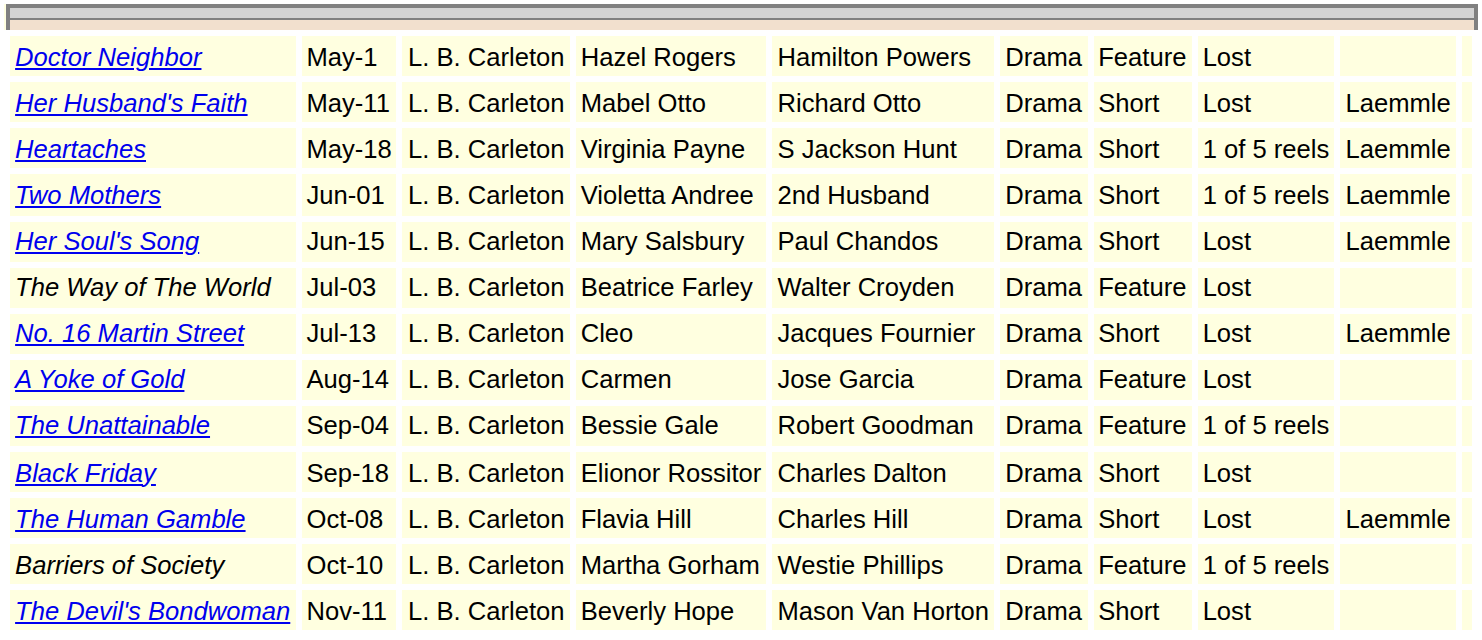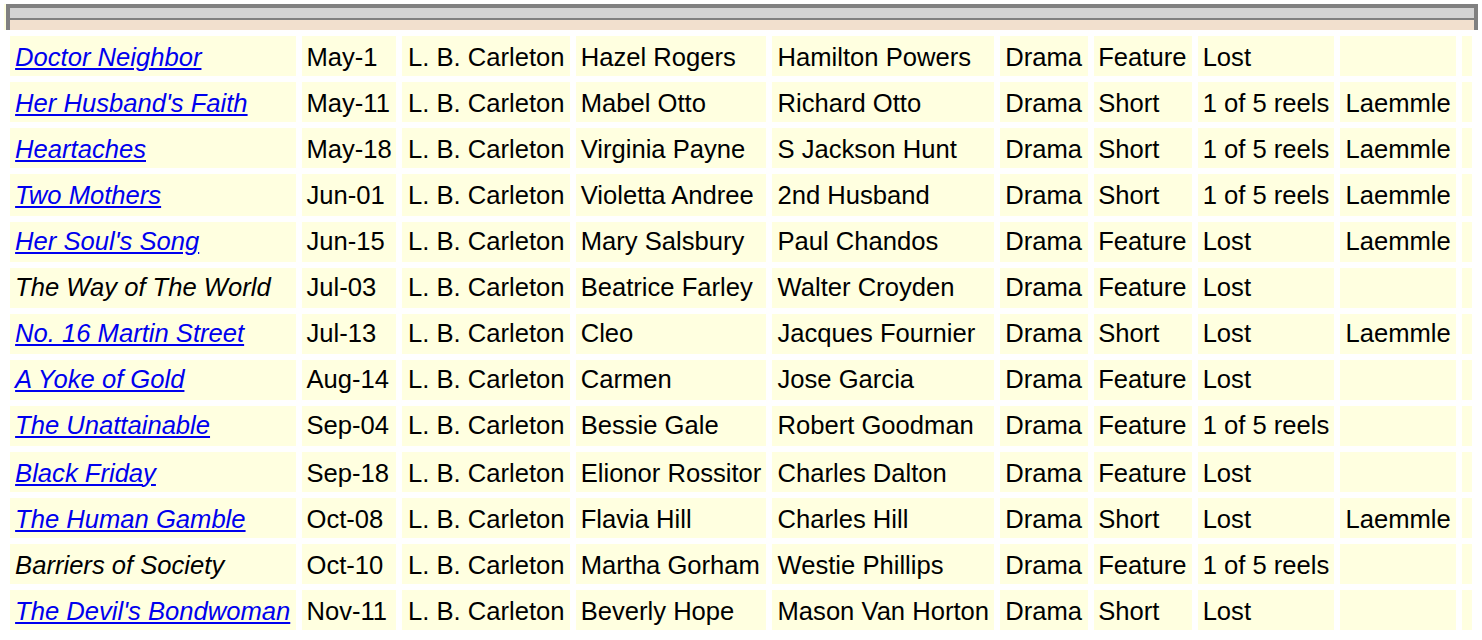 <table class="wikitable mw-collapsible mw-collapsed" style="background:lightyellow; border:2px solid gray;font-size:80%; ">
 <tr>
 <th colspan="18" style="border:1px solid #808080;background: lightgrey;"></th>
 </tr>
 <tr>
 <th style="border: 0px solid #FFFAF5; background:#F2E0CE"></th>
 <th style="border:0px solid #FFFAF5; background:#F2E0CE"></th>
 <th style="border:0px solid #FFFAF5; background:#F2E0CE"></th>
 <th style="border:0px solid #FFFAF5; background:#F2E0CE"></th>
 <th style="border:0px solid #FFFAF5; background:#F2E0CE"></th>
 <th style="border:0px solid #FFFAF5; background:#F2E0CE"></th>
 <th style="border:0px solid #FFFAF5; background:#F2E0CE"></th>
 <th style="border:0px solid #FFFAF5; background:#F2E0CE"></th>
 <th style="border:0px solid #FFFAF5; background:#F2E0CE"></th>
 <th style="border:0px solid #FFFAF5; background:#F2E0CE"></th>
 </tr>
 <tr>
 <td style="border:3px solid #FFFFFF"><em><a href='#'>Doctor Neighbor</a></em></td>
 <td style="border:3px solid #FFFFFF">May-1</td>
 <td style="border:3px solid #FFFFFF">L. B. Carleton</td>
 <td style="border:3px solid #FFFFFF">Hazel Rogers</td>
 <td style="border:3px solid #FFFFFF">Hamilton Powers</td>
 <td style="border:3px solid #FFFFFF">Drama</td>
 <td style="border:3px solid #FFFFFF">Feature</td>
 <td style="border:3px solid #FFFFFF">Lost</td>
 <td style="border:3px solid #FFFFFF"></td>
 <td style="border:3px solid #FFFFFF"></td>
 </tr>
 <tr>
 <td style="border:3px solid #FFFFFF"><em><a href='#'>Her Husband's Faith</a></em></td>
 <td style="border:3px solid #FFFFFF">May-11</td>
 <td style="border:3px solid #FFFFFF">L. B. Carleton</td>
 <td style="border:3px solid #FFFFFF">Mabel Otto</td>
 <td style="border:3px solid #FFFFFF">Richard Otto</td>
 <td style="border:3px solid #FFFFFF">Drama</td>
 <td style="border:3px solid #FFFFFF">Short</td>
-<td style="border:3px solid #FFFFFF">Lost</td>
+<td style="border:3px solid #FFFFFF">1 of 5 reels</td>
 <td style="border:3px solid #FFFFFF">Laemmle</td>
 <td style="border:3px solid #FFFFFF"></td>
 </tr>
 <tr>
 <td style="border:3px solid #FFFFFF"><em><a href='#'>Heartaches</a> </em></td>
 <td style="border:3px solid #FFFFFF">May-18</td>
 <td style="border:3px solid #FFFFFF">L. B. Carleton</td>
 <td style="border:3px solid #FFFFFF">Virginia Payne</td>
 <td style="border:3px solid #FFFFFF">S Jackson Hunt</td>
 <td style="border:3px solid #FFFFFF">Drama</td>
 <td style="border:3px solid #FFFFFF">Short</td>
 <td style="border:3px solid #FFFFFF">1 of 5 reels</td>
 <td style="border:3px solid #FFFFFF">Laemmle</td>
 <td style="border:3px solid #FFFFFF"></td>
 </tr>
 <tr>
 <td style="border:3px solid #FFFFFF"><em><a href='#'>Two Mothers</a></em></td>
 <td style="border:3px solid #FFFFFF">Jun-01</td>
 <td style="border:3px solid #FFFFFF">L. B. Carleton</td>
 <td style="border:3px solid #FFFFFF">Violetta Andree</td>
 <td style="border:3px solid #FFFFFF">2nd Husband</td>
 <td style="border:3px solid #FFFFFF">Drama</td>
 <td style="border:3px solid #FFFFFF">Short</td>
 <td style="border:3px solid #FFFFFF">1 of 5 reels</td>
 <td style="border:3px solid #FFFFFF">Laemmle</td>
 <td style="border:3px solid #FFFFFF"></td>
 </tr>
 <tr>
 <td style="border:3px solid #FFFFFF"><em><a href='#'>Her Soul's Song</a></em></td>
 <td style="border:3px solid #FFFFFF">Jun-15</td>
 <td style="border:3px solid #FFFFFF">L. B. Carleton</td>
 <td style="border:3px solid #FFFFFF">Mary Salsbury</td>
 <td style="border:3px solid #FFFFFF">Paul Chandos</td>
 <td style="border:3px solid #FFFFFF">Drama</td>
-<td style="border:3px solid #FFFFFF">Short</td>
+<td style="border:3px solid #FFFFFF">Feature</td>
 <td style="border:3px solid #FFFFFF">Lost</td>
 <td style="border:3px solid #FFFFFF">Laemmle</td>
 <td style="border:3px solid #FFFFFF"></td>
 </tr>
 <tr>
 <td style="border:3px solid #FFFFFF"><em>The Way of The World</em></td>
 <td style="border:3px solid #FFFFFF">Jul-03</td>
 <td style="border:3px solid #FFFFFF">L. B. Carleton</td>
 <td style="border:3px solid #FFFFFF">Beatrice Farley</td>
 <td style="border:3px solid #FFFFFF">Walter Croyden</td>
 <td style="border:3px solid #FFFFFF">Drama</td>
 <td style="border:3px solid #FFFFFF">Feature</td>
 <td style="border:3px solid #FFFFFF">Lost</td>
 <td style="border:3px solid #FFFFFF"></td>
 <td style="border:3px solid #FFFFFF"></td>
 </tr>
 <tr>
 <td style="border:3px solid #FFFFFF"><em><a href='#'>No. 16 Martin Street</a></em></td>
 <td style="border:3px solid #FFFFFF">Jul-13</td>
 <td style="border:3px solid #FFFFFF">L. B. Carleton</td>
 <td style="border:3px solid #FFFFFF">Cleo</td>
 <td style="border:3px solid #FFFFFF">Jacques Fournier</td>
 <td style="border:3px solid #FFFFFF">Drama</td>
 <td style="border:3px solid #FFFFFF">Short</td>
 <td style="border:3px solid #FFFFFF">Lost</td>
 <td style="border:3px solid #FFFFFF">Laemmle</td>
 <td style="border:3px solid #FFFFFF"></td>
 </tr>
 <tr>
 <td style="border:3px solid #FFFFFF"><em><a href='#'>A Yoke of Gold</a></em></td>
 <td style="border:3px solid #FFFFFF">Aug-14</td>
 <td style="border:3px solid #FFFFFF">L. B. Carleton</td>
 <td style="border:3px solid #FFFFFF">Carmen</td>
 <td style="border:3px solid #FFFFFF">Jose Garcia</td>
 <td style="border:3px solid #FFFFFF">Drama</td>
 <td style="border:3px solid #FFFFFF">Feature</td>
 <td style="border:3px solid #FFFFFF">Lost</td>
 <td style="border:3px solid #FFFFFF"></td>
 <td style="border:3px solid #FFFFFF"></td>
 </tr>
 <tr>
 <td style="border:3px solid #FFFFFF"><em><a href='#'>The Unattainable</a></em></td>
 <td style="border:3px solid #FFFFFF">Sep-04</td>
 <td style="border:3px solid #FFFFFF">L. B. Carleton</td>
 <td style="border:3px solid #FFFFFF">Bessie Gale</td>
 <td style="border:3px solid #FFFFFF">Robert Goodman</td>
 <td style="border:3px solid #FFFFFF">Drama</td>
 <td style="border:3px solid #FFFFFF">Feature</td>
 <td style="border:3px solid #FFFFFF">1 of 5 reels</td>
 <td style="border:3px solid #FFFFFF"></td>
 <td style="border:3px solid #FFFFFF"></td>
 </tr>
 <tr>
 <td style="border:3px solid #FFFFFF"><em><a href='#'>Black Friday</a></em></td>
 <td style="border:3px solid #FFFFFF">Sep-18</td>
 <td style="border:3px solid #FFFFFF">L. B. Carleton</td>
 <td style="border:3px solid #FFFFFF">Elionor Rossitor</td>
 <td style="border:3px solid #FFFFFF">Charles Dalton</td>
 <td style="border:3px solid #FFFFFF">Drama</td>
-<td style="border:3px solid #FFFFFF">Short</td>
+<td style="border:3px solid #FFFFFF">Feature</td>
 <td style="border:3px solid #FFFFFF">Lost</td>
 <td style="border:3px solid #FFFFFF"></td>
 <td style="border:3px solid #FFFFFF"></td>
 </tr>
 <tr>
 <td style="border:3px solid #FFFFFF"><em><a href='#'>The Human Gamble</a></em></td>
 <td style="border:3px solid #FFFFFF">Oct-08</td>
 <td style="border:3px solid #FFFFFF">L. B. Carleton</td>
 <td style="border:3px solid #FFFFFF">Flavia Hill</td>
 <td style="border:3px solid #FFFFFF">Charles Hill</td>
 <td style="border:3px solid #FFFFFF">Drama</td>
 <td style="border:3px solid #FFFFFF">Short</td>
 <td style="border:3px solid #FFFFFF">Lost</td>
 <td style="border:3px solid #FFFFFF">Laemmle</td>
 <td style="border:3px solid #FFFFFF"></td>
 </tr>
 <tr>
 <td style="border:3px solid #FFFFFF"><em>Barriers of Society</em></td>
 <td style="border:3px solid #FFFFFF">Oct-10</td>
 <td style="border:3px solid #FFFFFF">L. B. Carleton</td>
 <td style="border:3px solid #FFFFFF">Martha Gorham</td>
 <td style="border:3px solid #FFFFFF">Westie Phillips</td>
 <td style="border:3px solid #FFFFFF">Drama</td>
 <td style="border:3px solid #FFFFFF">Feature</td>
 <td style="border:3px solid #FFFFFF">1 of 5 reels</td>
 <td style="border:3px solid #FFFFFF"></td>
 <td style="border:3px solid #FFFFFF"></td>
 </tr>
 <tr>
 <td style="border:3px solid #FFFFFF"><em><a href='#'>The Devil's Bondwoman</a></em></td>
 <td style="border:3px solid #FFFFFF">Nov-11</td>
 <td style="border:3px solid #FFFFFF">L. B. Carleton</td>
 <td style="border:3px solid #FFFFFF">Beverly Hope</td>
 <td style="border:3px solid #FFFFFF">Mason Van Horton</td>
 <td style="border:3px solid #FFFFFF">Drama</td>
 <td style="border:3px solid #FFFFFF">Short</td>
 <td style="border:3px solid #FFFFFF">Lost</td>
 <td style="border:3px solid #FFFFFF"></td>
 <td style="border:3px solid #FFFFFF"></td>
 </tr>
 </table>
